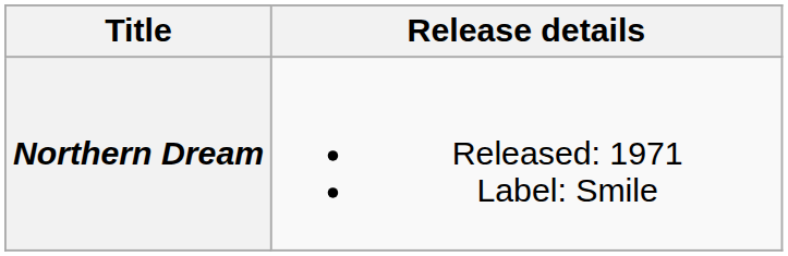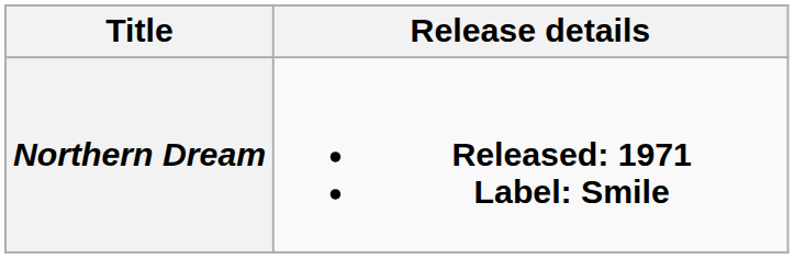 <table class="wikitable plainrowheaders" style="text-align:center;">
 <tr>
 <th scope="col">Title</th>
 <th scope="col" style="width:15em;">Release details</th>
 </tr>
 <tr>
 <th scope="row"><em>Northern Dream</em></th>
-<td><br><ul><li>Released: 1971</li><li>Label: Smile</li></ul></td>
+<td><strong><br><ul><li>Released: 1971</li><li>Label: Smile</li></ul></strong></td>
 </tr>
 </table>
